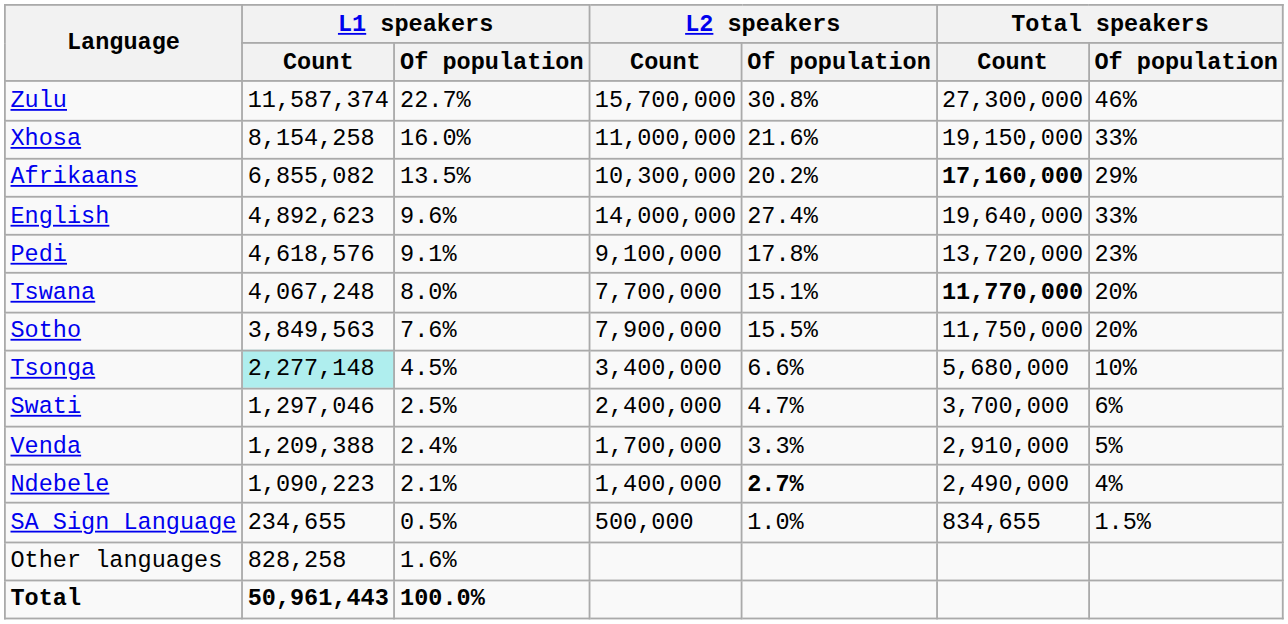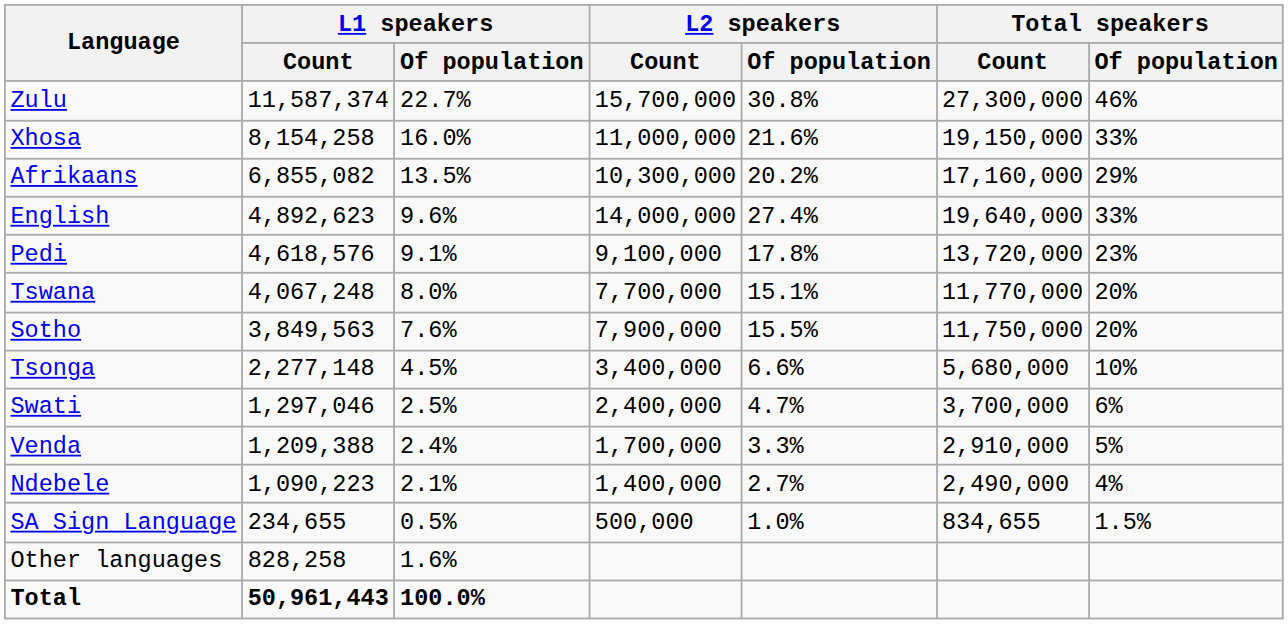 <table class="wikitable sortable">
 <tr>
 <th rowspan=2>Language</th>
 <th colspan=2><a href='#'>L1</a> speakers</th>
 <th colspan=2><a href='#'>L2</a> speakers</th>
 <th colspan=2>Total speakers</th>
 </tr>
 <tr>
 <th>Count</th>
 <th>Of population</th>
 <th>Count</th>
 <th>Of population</th>
 <th>Count</th>
 <th>Of population</th>
 </tr>
 <tr>
 <td><a href='#'>Zulu</a></td>
 <td>11,587,374</td>
 <td>22.7%</td>
 <td>15,700,000</td>
 <td>30.8%</td>
 <td>27,300,000</td>
 <td>46%</td>
 </tr>
 <tr>
 <td><a href='#'>Xhosa</a></td>
 <td>8,154,258</td>
 <td>16.0%</td>
 <td>11,000,000</td>
 <td>21.6%</td>
 <td>19,150,000</td>
 <td>33%</td>
 </tr>
 <tr>
 <td><a href='#'>Afrikaans</a></td>
 <td>6,855,082</td>
 <td>13.5%</td>
 <td>10,300,000</td>
 <td>20.2%</td>
-<td><strong>17,160,000</strong></td>
+<td>17,160,000</td>
 <td>29%</td>
 </tr>
 <tr>
 <td><a href='#'>English</a></td>
 <td>4,892,623</td>
 <td>9.6%</td>
 <td>14,000,000</td>
 <td>27.4%</td>
 <td>19,640,000</td>
 <td>33%</td>
 </tr>
 <tr>
 <td><a href='#'>Pedi</a></td>
 <td>4,618,576</td>
 <td>9.1%</td>
 <td>9,100,000</td>
 <td>17.8%</td>
 <td>13,720,000</td>
 <td>23%</td>
 </tr>
 <tr>
 <td><a href='#'>Tswana</a></td>
 <td>4,067,248</td>
 <td>8.0%</td>
 <td>7,700,000</td>
 <td>15.1%</td>
-<td><strong>11,770,000</strong></td>
+<td>11,770,000</td>
 <td>20%</td>
 </tr>
 <tr>
 <td><a href='#'>Sotho</a></td>
 <td>3,849,563</td>
 <td>7.6%</td>
 <td>7,900,000</td>
 <td>15.5%</td>
 <td>11,750,000</td>
 <td>20%</td>
 </tr>
 <tr>
 <td><a href='#'>Tsonga</a></td>
-<td style="background: paleturquoise;">2,277,148</td>
+<td>2,277,148</td>
 <td>4.5%</td>
 <td>3,400,000</td>
 <td>6.6%</td>
 <td>5,680,000</td>
 <td>10%</td>
 </tr>
 <tr>
 <td><a href='#'>Swati</a></td>
 <td>1,297,046</td>
 <td>2.5%</td>
 <td>2,400,000</td>
 <td>4.7%</td>
 <td>3,700,000</td>
 <td>6%</td>
 </tr>
 <tr>
 <td><a href='#'>Venda</a></td>
 <td>1,209,388</td>
 <td>2.4%</td>
 <td>1,700,000</td>
 <td>3.3%</td>
 <td>2,910,000</td>
 <td>5%</td>
 </tr>
 <tr>
 <td><a href='#'>Ndebele</a></td>
 <td>1,090,223</td>
 <td>2.1%</td>
 <td>1,400,000</td>
-<td><strong>2.7%</strong></td>
+<td>2.7%</td>
 <td>2,490,000</td>
 <td>4%</td>
 </tr>
 <tr>
 <td><a href='#'>SA Sign Language</a></td>
 <td>234,655</td>
 <td>0.5%</td>
 <td>500,000</td>
 <td>1.0%</td>
 <td>834,655</td>
 <td>1.5%</td>
 </tr>
 <tr>
 <td>Other languages</td>
 <td>828,258</td>
 <td>1.6%</td>
 <td></td>
 <td></td>
 <td></td>
 <td></td>
 </tr>
 <tr>
 <td><strong>Total</strong></td>
 <td><strong>50,961,443</strong></td>
 <td><strong>100.0%</strong></td>
 <td></td>
 <td></td>
 <td></td>
 </tr>
 </table>
